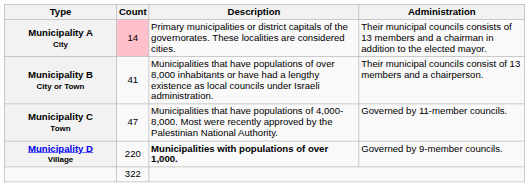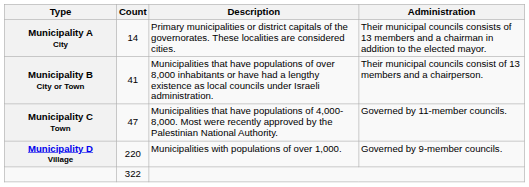 <table class="wikitable">
 <tr>
 <th>Type</th>
 <th>Count</th>
 <th>Description</th>
 <th>Administration</th>
 </tr>
 <tr>
 <th nowrap width="180px">Municipality A<br><small>City</small></th>
-<td align="center" style="background: pink;">14</td>
+<td align="center">14</td>
 <td valign="top">Primary municipalities or district capitals of the governorates. These localities are considered cities.</td>
 <td valign="top">Their municipal councils consists of 13 members and a chairman in addition to the elected mayor.</td>
 </tr>
 <tr>
 <th nowrap>Municipality B<br><small>City or Town</small></th>
 <td align="center">41</td>
 <td valign="top">Municipalities that have populations of over 8,000 inhabitants or have had a lengthy existence as local councils under Israeli administration.</td>
 <td valign="top">Their municipal councils consist of 13 members and a chairperson.</td>
 </tr>
 <tr>
 <th nowrap>Municipality C<br><small>Town</small></th>
 <td align="center">47</td>
 <td valign="top">Municipalities that have populations of 4,000-8,000. Most were recently approved by the Palestinian National Authority.</td>
 <td valign="top">Governed by 11-member councils.</td>
 </tr>
 <tr>
 <th nowrap><a href='#'>Municipality D</a><br><small>Village</small></th>
 <td align="center">220</td>
-<td valign="top"><strong>Municipalities with populations of over 1,000.</strong></td>
+<td valign="top">Municipalities with populations of over 1,000.</td>
 <td valign="top">Governed by 9-member councils.</td>
 </tr>
 <tr>
 <td></td>
 <td align="center">322</td>
 </tr>
 </table>
